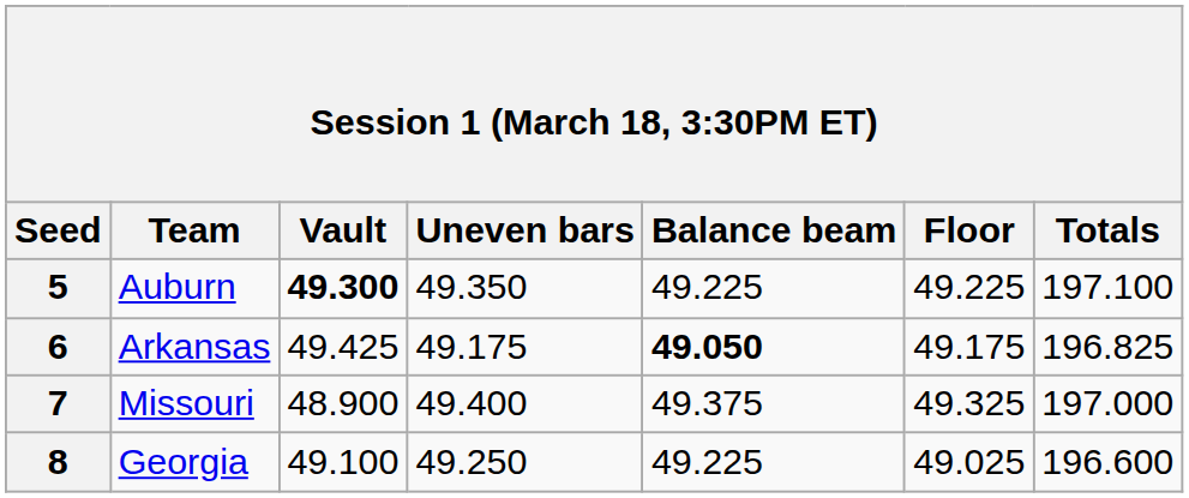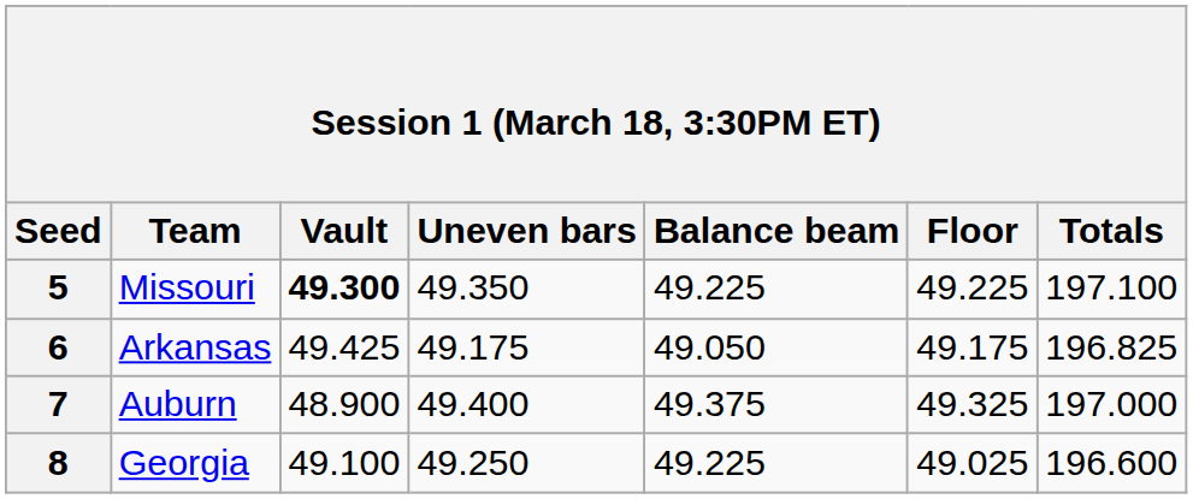 <table class="wikitable sortable">
 <tr>
 <th colspan="7"><br><h4>Session 1 (March 18, 3:30PM ET)</h4></th>
 </tr>
 <tr>
 <th>Seed</th>
 <th>Team</th>
 <th>Vault</th>
 <th>Uneven bars</th>
 <th>Balance beam</th>
 <th>Floor</th>
 <th>Totals</th>
 </tr>
 <tr>
 <th>5</th>
-<td><a href='#'>Auburn</a></td>
+<td><a href='#'>Missouri</a></td>
 <td><strong>49.300</strong></td>
 <td>49.350</td>
 <td>49.225</td>
 <td>49.225</td>
 <td>197.100</td>
 </tr>
 <tr>
 <th>6</th>
 <td><a href='#'>Arkansas</a></td>
 <td>49.425</td>
 <td>49.175</td>
-<td><strong>49.050</strong></td>
+<td>49.050</td>
 <td>49.175</td>
 <td>196.825</td>
 </tr>
 <tr>
 <th>7</th>
-<td><a href='#'>Missouri</a></td>
+<td><a href='#'>Auburn</a></td>
 <td>48.900</td>
 <td>49.400</td>
 <td>49.375</td>
 <td>49.325</td>
 <td>197.000</td>
 </tr>
 <tr>
 <th>8</th>
 <td><a href='#'>Georgia</a></td>
 <td>49.100</td>
 <td>49.250</td>
 <td>49.225</td>
 <td>49.025</td>
 <td>196.600</td>
 </tr>
 </table>
